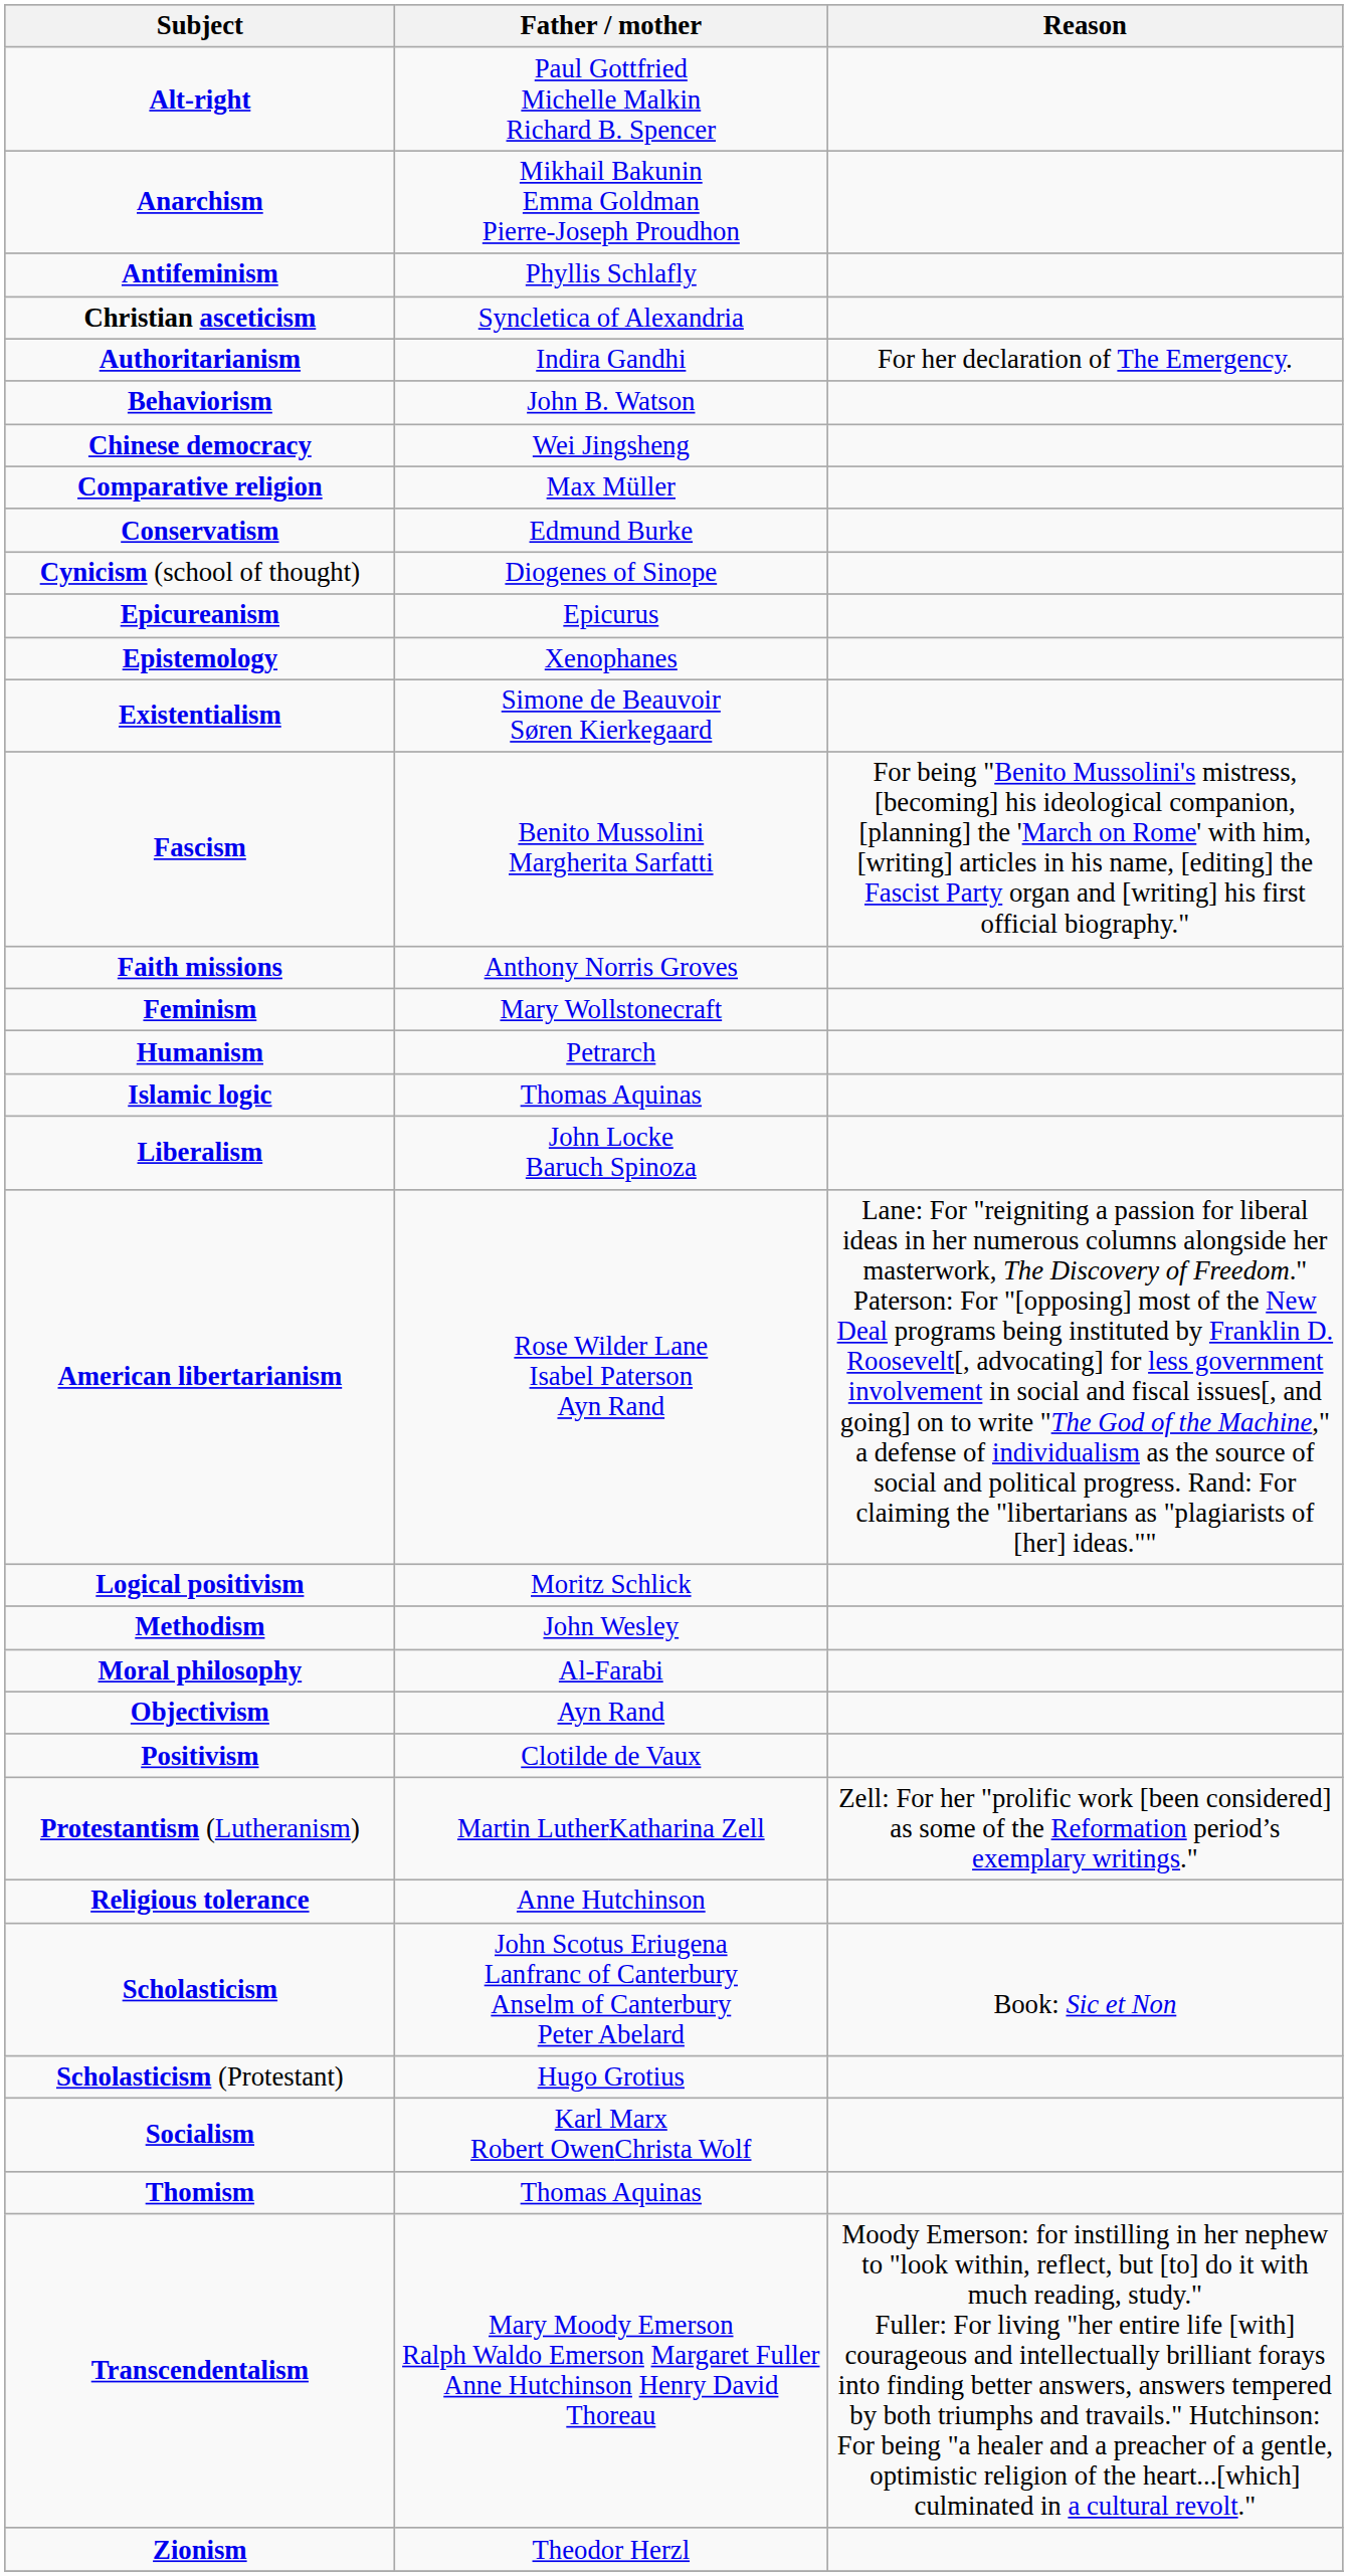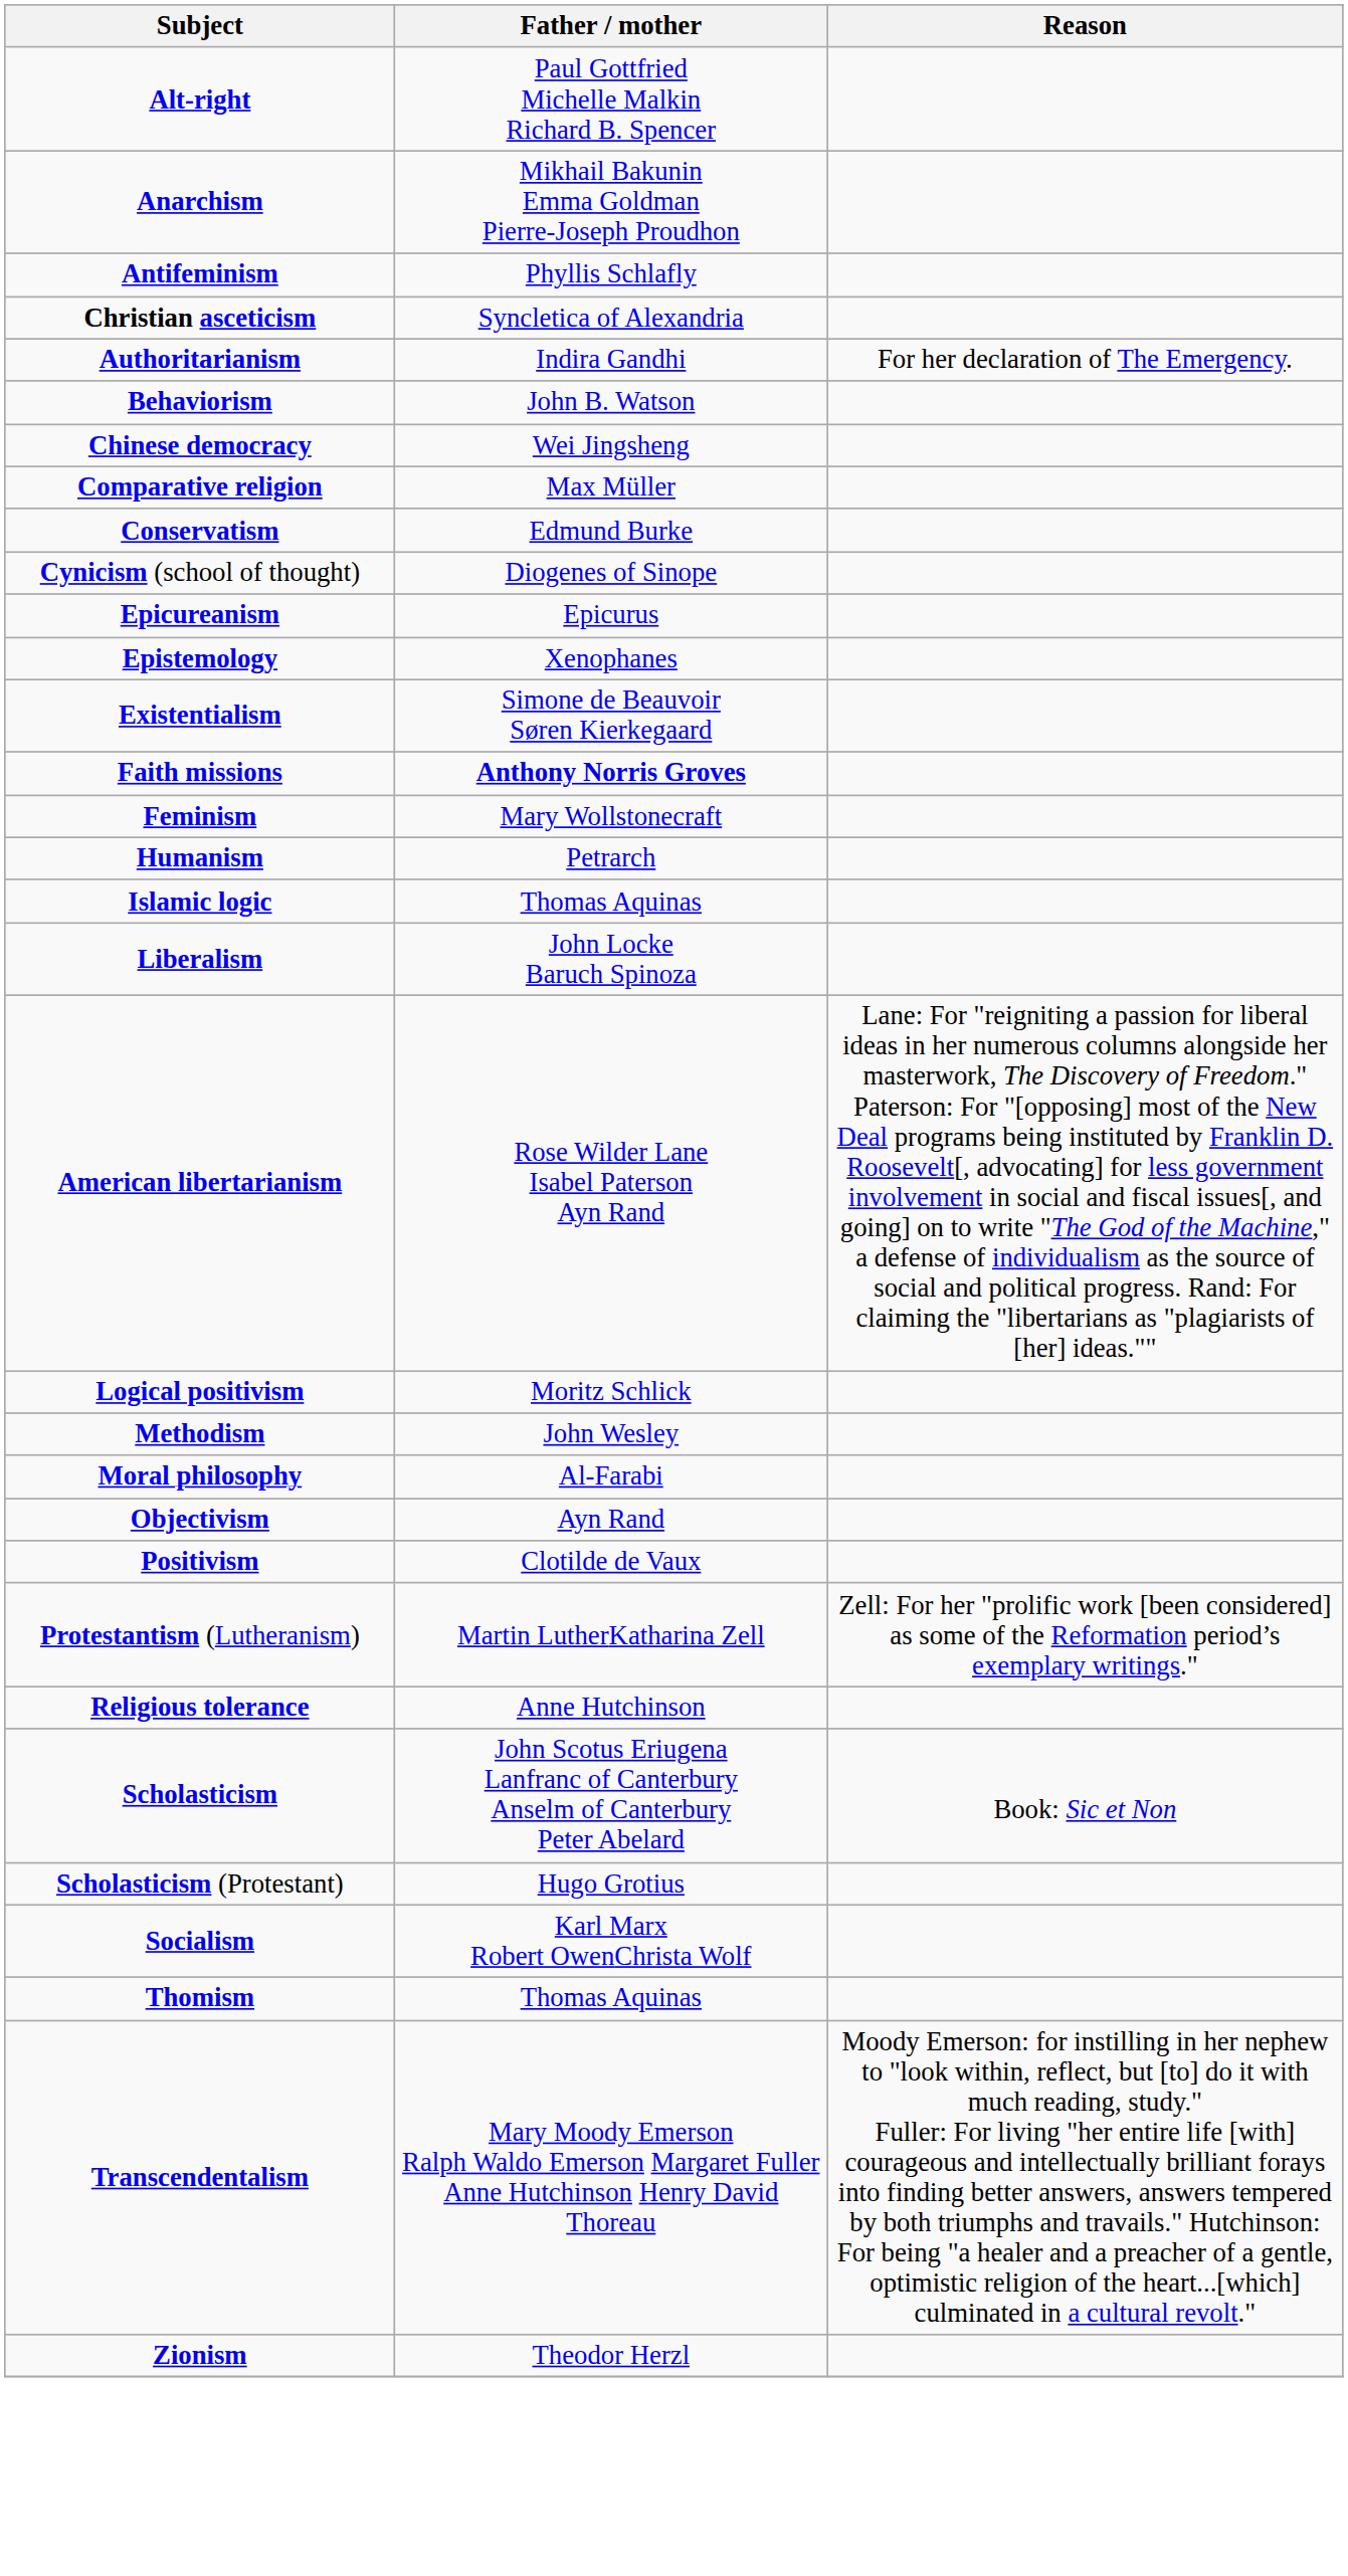 <table class="wikitable" style="text-align:center;">
 <tr>
 <th width="225px">Subject</th>
 <th width="250px">Father / mother</th>
 <th width="300px">Reason</th>
 </tr>
 <tr>
 <td><strong><a href='#'>Alt-right</a></strong></td>
 <td><a href='#'>Paul Gottfried</a><br><a href='#'>Michelle Malkin</a><br><a href='#'>Richard B. Spencer</a></td>
 <td></td>
 </tr>
 <tr>
 <td><strong><a href='#'>Anarchism</a></strong></td>
 <td><a href='#'>Mikhail Bakunin</a><br><a href='#'>Emma Goldman</a><br><a href='#'>Pierre-Joseph Proudhon</a></td>
 <td></td>
 </tr>
 <tr>
 <td><strong><a href='#'>Antifeminism</a></strong></td>
 <td><a href='#'>Phyllis Schlafly</a></td>
 <td></td>
 </tr>
 <tr>
 <td><strong>Christian <a href='#'>asceticism</a></strong></td>
 <td><a href='#'>Syncletica of Alexandria</a></td>
 <td></td>
 </tr>
 <tr>
 <td><strong><a href='#'>Authoritarianism</a></strong></td>
 <td><a href='#'>Indira Gandhi</a></td>
 <td>For her declaration of <a href='#'>The Emergency</a>.</td>
 </tr>
 <tr>
 <td><strong><a href='#'>Behaviorism</a></strong></td>
 <td><a href='#'>John B. Watson</a></td>
 <td></td>
 </tr>
 <tr>
 <td><a href='#'><strong>Chinese democracy</strong></a></td>
 <td><a href='#'>Wei Jingsheng</a></td>
 <td></td>
 </tr>
 <tr>
 <td><strong><a href='#'>Comparative religion</a></strong></td>
 <td><a href='#'>Max Müller</a></td>
 <td></td>
 </tr>
 <tr>
 <td><strong><a href='#'>Conservatism</a></strong></td>
 <td><a href='#'>Edmund Burke</a></td>
 <td></td>
 </tr>
 <tr>
 <td><strong><a href='#'>Cynicism</a></strong> (school of thought)</td>
 <td><a href='#'>Diogenes of Sinope</a></td>
 <td></td>
 </tr>
 <tr>
 <td><strong><a href='#'>Epicureanism</a></strong></td>
 <td><a href='#'>Epicurus</a></td>
 <td></td>
 </tr>
 <tr>
 <td><strong><a href='#'>Epistemology</a></strong></td>
 <td><a href='#'>Xenophanes</a></td>
 <td></td>
 </tr>
 <tr>
 <td><strong><a href='#'>Existentialism</a></strong></td>
 <td><a href='#'>Simone de Beauvoir</a><br><a href='#'>Søren Kierkegaard</a></td>
 <td></td>
 </tr>
 <tr>
-<td><strong><a href='#'>Fascism</a></strong></td>
-<td><a href='#'>Benito Mussolini</a><br><a href='#'>Margherita Sarfatti</a></td>
-<td>For being "<a href='#'>Benito Mussolini's</a> mistress, [becoming] his ideological companion, [planning] the '<a href='#'>March on Rome</a>' with him, [writing] articles in his name, [editing] the <a href='#'>Fascist Party</a> organ and [writing] his first official biography."</td>
-</tr>
-<tr>
 <td><strong><a href='#'>Faith missions</a></strong></td>
-<td><a href='#'>Anthony Norris Groves</a></td>
+<td><strong><a href='#'>Anthony Norris Groves</a></strong></td>
 <td></td>
 </tr>
 <tr>
 <td><strong><a href='#'>Feminism</a></strong></td>
 <td><a href='#'>Mary Wollstonecraft</a></td>
 <td></td>
 </tr>
 <tr>
 <td><strong><a href='#'>Humanism</a></strong></td>
 <td><a href='#'>Petrarch</a></td>
 <td></td>
 </tr>
 <tr>
 <td><strong><a href='#'>Islamic logic</a></strong></td>
 <td><a href='#'>Thomas Aquinas</a></td>
 <td></td>
 </tr>
 <tr>
 <td><strong><a href='#'>Liberalism</a></strong></td>
 <td><a href='#'>John Locke</a><br><a href='#'>Baruch Spinoza</a></td>
 <td></td>
 </tr>
 <tr>
 <td><a href='#'><strong>American libertarianism</strong></a></td>
 <td><a href='#'>Rose Wilder Lane</a><br><a href='#'>Isabel Paterson</a><br><a href='#'>Ayn Rand</a></td>
 <td>Lane: For "reigniting a passion for liberal ideas in her numerous columns alongside her masterwork, <em>The Discovery of Freedom</em>."<br>Paterson: For "[opposing] most of the <a href='#'>New Deal</a> programs being instituted by <a href='#'>Franklin D. Roosevelt</a>[, advocating] for <a href='#'>less government involvement</a> in social and fiscal issues[, and going] on to write "<em><a href='#'>The God of the Machine</a></em>," a defense of <a href='#'>individualism</a> as the source of social and political progress. Rand: For claiming the "libertarians as "plagiarists of [her] ideas.""</td>
 </tr>
 <tr>
 <td><strong><a href='#'>Logical positivism</a></strong></td>
 <td><a href='#'>Moritz Schlick</a></td>
 <td></td>
 </tr>
 <tr>
 <td><strong><a href='#'>Methodism</a></strong></td>
 <td><a href='#'>John Wesley</a></td>
 <td></td>
 </tr>
 <tr>
 <td><strong><a href='#'>Moral philosophy</a></strong></td>
 <td><a href='#'>Al-Farabi</a></td>
 <td></td>
 </tr>
 <tr>
 <td><strong><a href='#'>Objectivism</a></strong></td>
 <td><a href='#'>Ayn Rand</a></td>
 <td></td>
 </tr>
 <tr>
 <td><strong><a href='#'>Positivism</a></strong></td>
 <td><a href='#'>Clotilde de Vaux</a></td>
 <td></td>
 </tr>
 <tr>
 <td><strong><a href='#'>Protestantism</a></strong> (<a href='#'>Lutheranism</a>)</td>
 <td><a href='#'>Martin Luther</a><a href='#'>Katharina Zell</a></td>
 <td>Zell: For her "prolific work [been considered] as some of the <a href='#'>Reformation</a> period’s <a href='#'>exemplary writings</a>."</td>
 </tr>
 <tr>
 <td><strong><a href='#'>Religious tolerance</a></strong></td>
 <td><a href='#'>Anne Hutchinson</a></td>
 <td></td>
 </tr>
 <tr>
 <td><strong><a href='#'>Scholasticism</a></strong></td>
 <td><a href='#'>John Scotus Eriugena</a><br><a href='#'>Lanfranc of Canterbury</a><br> <a href='#'>Anselm of Canterbury</a><br> <a href='#'>Peter Abelard</a></td>
 <td><br>Book: <em><a href='#'>Sic et Non</a></em></td>
 </tr>
 <tr>
 <td><strong><a href='#'>Scholasticism</a></strong> (Protestant)</td>
 <td><a href='#'>Hugo Grotius</a></td>
 <td></td>
 </tr>
 <tr>
 <td><strong><a href='#'>Socialism</a></strong></td>
 <td><a href='#'>Karl Marx</a><br><a href='#'>Robert Owen</a><a href='#'>Christa Wolf</a></td>
 <td></td>
 </tr>
 <tr>
 <td><strong><a href='#'>Thomism</a></strong></td>
 <td><a href='#'>Thomas Aquinas</a></td>
 <td></td>
 </tr>
 <tr>
 <td><strong><a href='#'>Transcendentalism</a></strong></td>
 <td><a href='#'>Mary Moody Emerson</a><br><a href='#'>Ralph Waldo Emerson</a> <a href='#'>Margaret Fuller</a> <a href='#'>Anne Hutchinson</a> <a href='#'>Henry David Thoreau</a></td>
 <td>Moody Emerson: for instilling in her nephew to "look within, reflect, but [to] do it with much reading, study."<br>Fuller: For living "her entire life [with] courageous and intellectually brilliant forays into finding better answers, answers tempered by both triumphs and travails." Hutchinson: For being "a healer and a preacher of a gentle, optimistic religion of the heart...[which] culminated in <a href='#'>a cultural revolt</a>."</td>
 </tr>
 <tr>
 <td><strong><a href='#'>Zionism</a></strong></td>
 <td><a href='#'>Theodor Herzl</a></td>
 <td></td>
 </tr>
 <tr>
 </tr>
 </table>
